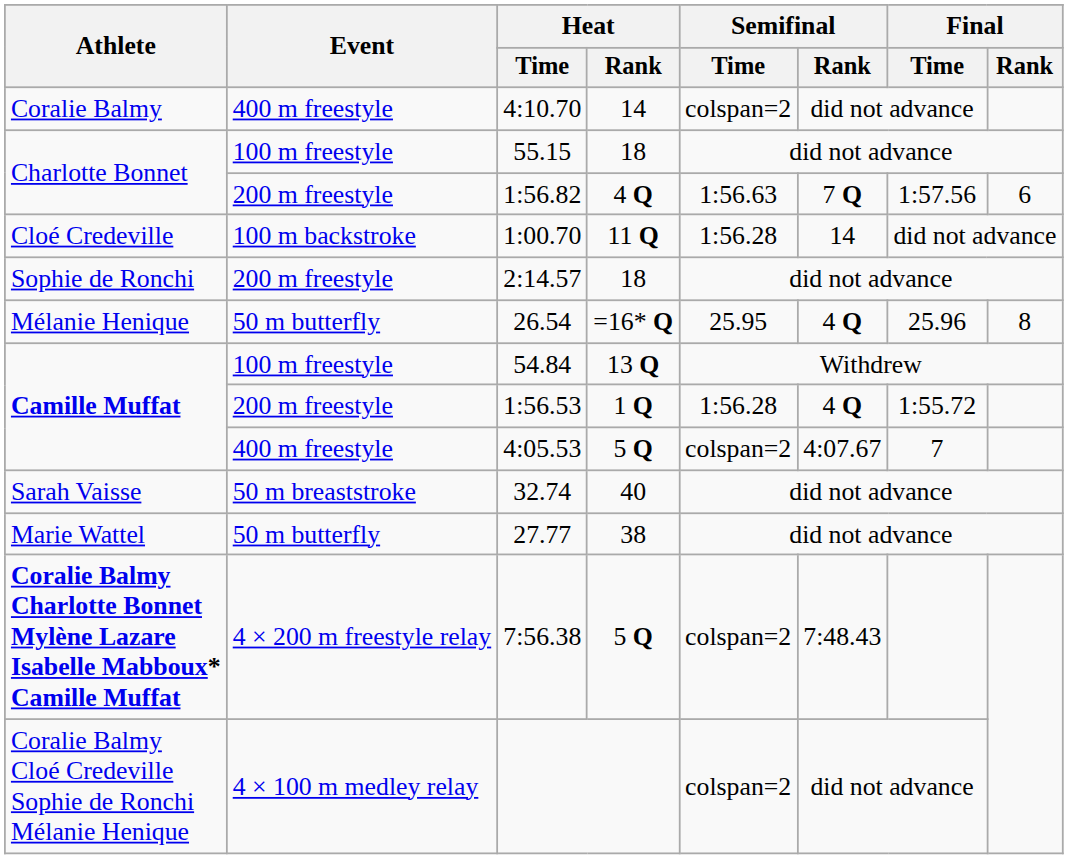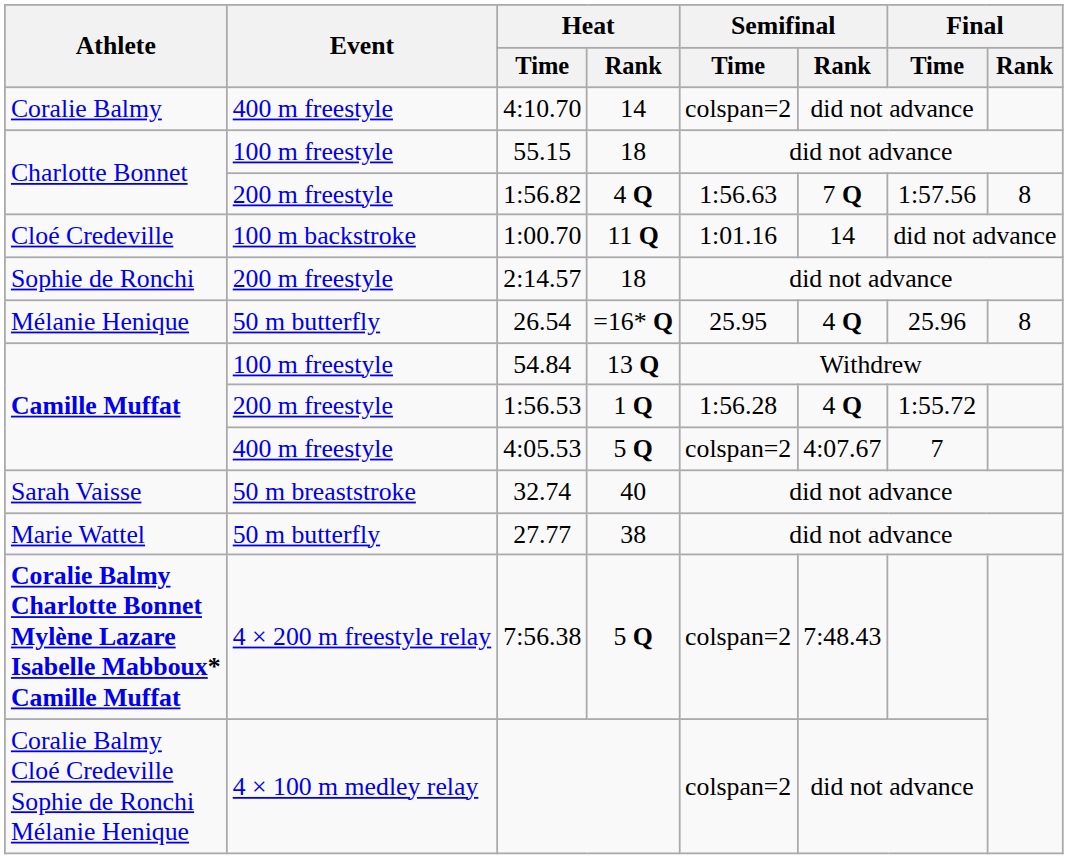 <table class=wikitable style="font-size:90%">
 <tr>
 <th rowspan="2">Athlete</th>
 <th rowspan="2">Event</th>
 <th colspan="2">Heat</th>
 <th colspan="2">Semifinal</th>
 <th colspan="2">Final</th>
 </tr>
 <tr style="font-size:95%">
 <th>Time</th>
 <th>Rank</th>
 <th>Time</th>
 <th>Rank</th>
 <th>Time</th>
 <th>Rank</th>
 </tr>
 <tr align=center>
 <td align=left><a href='#'>Coralie Balmy</a></td>
 <td align=left><a href='#'>400 m freestyle</a></td>
 <td>4:10.70</td>
 <td>14</td>
 <td>colspan=2 </td>
 <td colspan=2>did not advance</td>
 </tr>
 <tr align=center>
 <td align=left rowspan=2><a href='#'>Charlotte Bonnet</a></td>
 <td align=left><a href='#'>100 m freestyle</a></td>
 <td>55.15</td>
 <td>18</td>
 <td colspan=4>did not advance</td>
 </tr>
 <tr align=center>
 <td align=left><a href='#'>200 m freestyle</a></td>
 <td>1:56.82</td>
 <td>4 <strong>Q</strong></td>
 <td>1:56.63</td>
 <td>7 <strong>Q</strong></td>
 <td>1:57.56</td>
-<td>6</td>
+<td>8</td>
 </tr>
 <tr align=center>
 <td align=left><a href='#'>Cloé Credeville</a></td>
 <td align=left><a href='#'>100 m backstroke</a></td>
 <td>1:00.70</td>
 <td>11 <strong>Q</strong></td>
-<td>1:56.28</td>
+<td>1:01.16</td>
 <td>14</td>
 <td colspan=2>did not advance</td>
 </tr>
 <tr align=center>
 <td align=left><a href='#'>Sophie de Ronchi</a></td>
 <td align=left><a href='#'>200 m freestyle</a></td>
 <td>2:14.57</td>
 <td>18</td>
 <td colspan=4>did not advance</td>
 </tr>
 <tr align=center>
 <td align=left><a href='#'>Mélanie Henique</a></td>
 <td align=left><a href='#'>50 m butterfly</a></td>
 <td>26.54</td>
 <td>=16* <strong>Q</strong></td>
 <td>25.95</td>
 <td>4 <strong>Q</strong></td>
 <td>25.96</td>
 <td>8</td>
 </tr>
 <tr align=center>
 <td align=left rowspan=3><strong><a href='#'>Camille Muffat</a></strong></td>
 <td align=left><a href='#'>100 m freestyle</a></td>
 <td>54.84</td>
 <td>13 <strong>Q</strong></td>
 <td colspan=4>Withdrew</td>
 </tr>
 <tr align=center>
 <td align=left><a href='#'>200 m freestyle</a></td>
 <td>1:56.53</td>
 <td>1 <strong>Q</strong></td>
 <td>1:56.28</td>
 <td>4 <strong>Q</strong></td>
 <td>1:55.72</td>
 <td></td>
 </tr>
 <tr align=center>
 <td align=left><a href='#'>400 m freestyle</a></td>
 <td>4:05.53</td>
 <td>5 <strong>Q</strong></td>
 <td>colspan=2 </td>
 <td>4:07.67</td>
 <td>7</td>
 </tr>
 <tr align=center>
 <td align=left><a href='#'>Sarah Vaisse</a></td>
 <td align=left><a href='#'>50 m breaststroke</a></td>
 <td>32.74</td>
 <td>40</td>
 <td colspan=4>did not advance</td>
 </tr>
 <tr align=center>
 <td align=left><a href='#'>Marie Wattel</a></td>
 <td align=left><a href='#'>50 m butterfly</a></td>
 <td>27.77</td>
 <td>38</td>
 <td colspan=4>did not advance</td>
 </tr>
 <tr align=center>
 <td align=left><strong><a href='#'>Coralie Balmy</a><br><a href='#'>Charlotte Bonnet</a><br><a href='#'>Mylène Lazare</a><br><a href='#'>Isabelle Mabboux</a>*<br><a href='#'>Camille Muffat</a></strong></td>
 <td align=left><a href='#'>4 × 200 m freestyle relay</a></td>
 <td>7:56.38</td>
 <td>5 <strong>Q</strong></td>
 <td>colspan=2 </td>
 <td>7:48.43</td>
 <td></td>
 </tr>
 <tr align=center>
 <td align=left><a href='#'>Coralie Balmy</a><br><a href='#'>Cloé Credeville</a><br><a href='#'>Sophie de Ronchi</a><br><a href='#'>Mélanie Henique</a></td>
 <td align=left><a href='#'>4 × 100 m medley relay</a></td>
 <td colspan=2></td>
 <td>colspan=2 </td>
 <td colspan=2>did not advance</td>
 </tr>
 </table>
